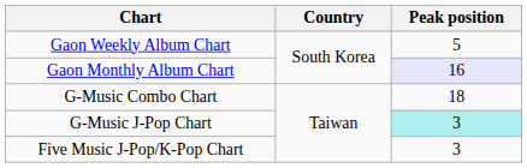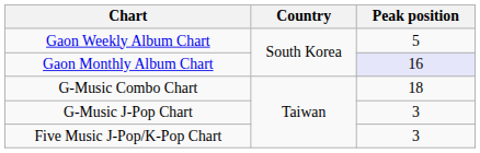 <table class="wikitable" style="text-align:center; width:500px">
 <tr>
 <th>Chart</th>
 <th>Country</th>
 <th>Peak position</th>
 </tr>
 <tr>
 <td><a href='#'>Gaon Weekly Album Chart</a></td>
 <td rowspan=2>South Korea</td>
 <td>5</td>
 </tr>
 <tr>
 <td><a href='#'>Gaon Monthly Album Chart</a></td>
 <td style="background: lavender;">16</td>
 </tr>
 <tr>
 <td>G-Music Combo Chart</td>
 <td rowspan=3>Taiwan</td>
 <td>18</td>
 </tr>
 <tr>
 <td>G-Music J-Pop Chart</td>
-<td style="background: paleturquoise;">3</td>
+<td>3</td>
 </tr>
 <tr>
 <td>Five Music J-Pop/K-Pop Chart</td>
 <td>3</td>
 </tr>
 </table>
